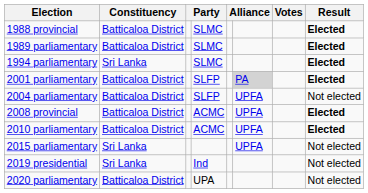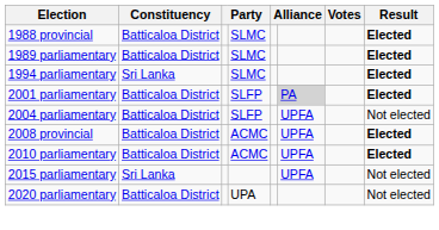 <table class="wikitable">
 <tr>
 <th scope=col>Election</th>
 <th scope=col>Constituency</th>
 <th scope=col colspan="2">Party</th>
 <th scope=col colspan="2">Alliance</th>
 <th scope=col>Votes</th>
 <th scope=col>Result</th>
 </tr>
 <tr>
 <td><a href='#'>1988 provincial</a></td>
 <td><a href='#'>Batticaloa District</a></td>
 <td style="background:"></td>
 <td><a href='#'>SLMC</a></td>
 <td></td>
 <td></td>
 <td></td>
 <td><strong>Elected</strong></td>
 </tr>
 <tr>
 <td><a href='#'>1989 parliamentary</a></td>
 <td><a href='#'>Batticaloa District</a></td>
 <td style="background:"></td>
 <td><a href='#'>SLMC</a></td>
 <td></td>
 <td></td>
 <td align=right></td>
 <td><strong>Elected</strong></td>
 </tr>
 <tr>
 <td><a href='#'>1994 parliamentary</a></td>
 <td><a href='#'>Sri Lanka</a></td>
 <td style="background:"></td>
 <td><a href='#'>SLMC</a></td>
 <td></td>
 <td></td>
 <td align=right></td>
 <td><strong>Elected</strong></td>
 </tr>
 <tr>
 <td><a href='#'>2001 parliamentary</a></td>
 <td><a href='#'>Batticaloa District</a></td>
 <td style="background:"></td>
 <td><a href='#'>SLFP</a></td>
 <td style="background:"></td>
 <td style="background: lightgrey;"><a href='#'>PA</a></td>
 <td align=right></td>
 <td><strong>Elected</strong></td>
 </tr>
 <tr>
 <td><a href='#'>2004 parliamentary</a></td>
 <td><a href='#'>Batticaloa District</a></td>
 <td style="background:"></td>
 <td><a href='#'>SLFP</a></td>
 <td style="background:"></td>
 <td><a href='#'>UPFA</a></td>
 <td align=right></td>
 <td>Not elected</td>
 </tr>
 <tr>
 <td><a href='#'>2008 provincial</a></td>
 <td><a href='#'>Batticaloa District</a></td>
 <td style="background:"></td>
 <td><a href='#'>ACMC</a></td>
 <td style="background:"></td>
 <td><a href='#'>UPFA</a></td>
 <td></td>
 <td><strong>Elected</strong></td>
 </tr>
 <tr>
 <td><a href='#'>2010 parliamentary</a></td>
 <td><a href='#'>Batticaloa District</a></td>
 <td style="background:"></td>
 <td><a href='#'>ACMC</a></td>
 <td style="background:"></td>
 <td><a href='#'>UPFA</a></td>
 <td align=right></td>
 <td><strong>Elected</strong></td>
 </tr>
 <tr>
 <td><a href='#'>2015 parliamentary</a></td>
 <td><a href='#'>Sri Lanka</a></td>
 <td></td>
 <td></td>
 <td style="background:"></td>
 <td><a href='#'>UPFA</a></td>
 <td></td>
 <td>Not elected</td>
 </tr>
 <tr>
-<td><a href='#'>2019 presidential</a></td>
-<td><a href='#'>Sri Lanka</a></td>
-<td style="background:"></td>
-<td><a href='#'>Ind</a></td>
-<td></td>
-<td></td>
-<td></td>
-<td>Not elected</td>
-</tr>
-<tr>
 <td><a href='#'>2020 parliamentary</a></td>
 <td><a href='#'>Batticaloa District</a></td>
 <td></td>
 <td>UPA</td>
 <td></td>
 <td></td>
 <td></td>
 <td>Not elected</td>
 </tr>
 </table>
